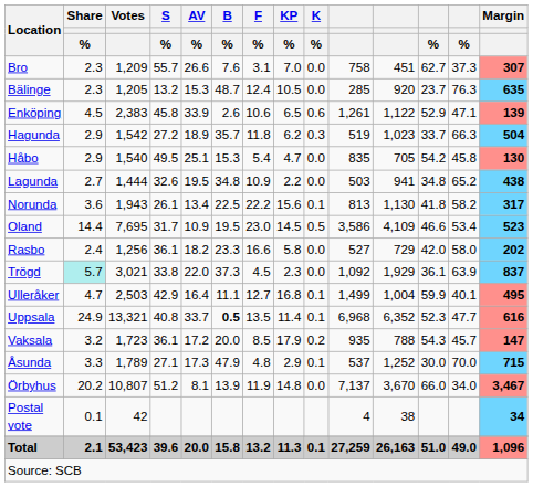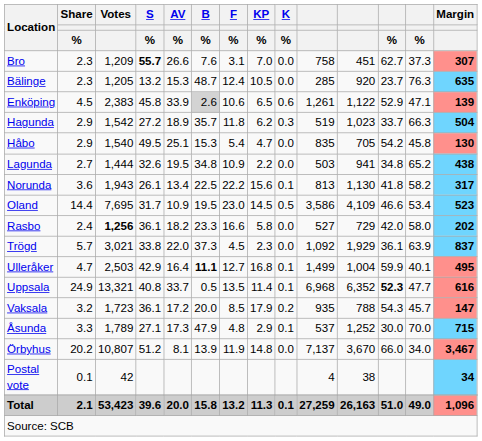 <table class="wikitable sortable" style="text-align:right; font-size:95%; line-height:20px;">
 <tr>
 <th rowspan="3">Location</th>
 <th>Share</th>
 <th>Votes</th>
 <th width="30px" class="unsortable"><a href='#'>S</a></th>
 <th width="30px" class="unsortable"><a href='#'>AV</a></th>
 <th width="30px" class="unsortable"><a href='#'>B</a></th>
 <th width="30px" class="unsortable"><a href='#'>F</a></th>
 <th width="30px" class="unsortable"><a href='#'>KP</a></th>
 <th width="30px" class="unsortable"><a href='#'>K</a></th>
 <th></th>
 <th></th>
 <th></th>
 <th></th>
 <th>Margin</th>
 </tr>
 <tr>
 <th></th>
 <th></th>
 <th style="background:"></th>
 <th style="background:"></th>
 <th style="background:"></th>
 <th style="background:"></th>
 <th style="background:"></th>
 <th style="background:"></th>
 <th style="background:"></th>
 <th style="background:"></th>
 <th style="background:"></th>
 <th style="background:"></th>
 <th></th>
 </tr>
 <tr>
 <th data-sort-type="number">%</th>
 <th></th>
 <th data-sort-type="number">%</th>
 <th data-sort-type="number">%</th>
 <th data-sort-type="number">%</th>
 <th data-sort-type="number">%</th>
 <th data-sort-type="number">%</th>
 <th data-sort-type="number">%</th>
 <th></th>
 <th></th>
 <th data-sort-type="number">%</th>
 <th data-sort-type="number">%</th>
 <th></th>
 </tr>
 <tr>
 <td align=left><a href='#'>Bro</a></td>
 <td>2.3</td>
 <td>1,209</td>
-<td>55.7</td>
+<td><strong>55.7</strong></td>
 <td>26.6</td>
 <td>7.6</td>
 <td>3.1</td>
 <td>7.0</td>
 <td>0.0</td>
 <td>758</td>
 <td>451</td>
 <td>62.7</td>
 <td>37.3</td>
 <td bgcolor=#ff908c><strong>307</strong></td>
 </tr>
 <tr>
 <td align=left><a href='#'>Bälinge</a></td>
 <td>2.3</td>
 <td>1,205</td>
 <td>13.2</td>
 <td>15.3</td>
 <td>48.7</td>
 <td>12.4</td>
 <td>10.5</td>
 <td>0.0</td>
 <td>285</td>
 <td>920</td>
 <td>23.7</td>
 <td>76.3</td>
 <td bgcolor=#6fd5fe><strong>635</strong></td>
 </tr>
 <tr>
 <td align=left><a href='#'>Enköping</a></td>
 <td>4.5</td>
 <td>2,383</td>
 <td>45.8</td>
 <td>33.9</td>
-<td>2.6</td>
+<td style="background: lightgrey;">2.6</td>
 <td>10.6</td>
 <td>6.5</td>
 <td>0.6</td>
 <td>1,261</td>
 <td>1,122</td>
 <td>52.9</td>
 <td>47.1</td>
 <td bgcolor=#ff908c><strong>139</strong></td>
 </tr>
 <tr>
 <td align=left><a href='#'>Hagunda</a></td>
 <td>2.9</td>
 <td>1,542</td>
 <td>27.2</td>
 <td>18.9</td>
 <td>35.7</td>
 <td>11.8</td>
 <td>6.2</td>
 <td>0.3</td>
 <td>519</td>
 <td>1,023</td>
 <td>33.7</td>
 <td>66.3</td>
 <td bgcolor=#6fd5fe><strong>504</strong></td>
 </tr>
 <tr>
 <td align=left><a href='#'>Håbo</a></td>
 <td>2.9</td>
 <td>1,540</td>
 <td>49.5</td>
 <td>25.1</td>
 <td>15.3</td>
 <td>5.4</td>
 <td>4.7</td>
 <td>0.0</td>
 <td>835</td>
 <td>705</td>
 <td>54.2</td>
 <td>45.8</td>
 <td bgcolor=#ff908c><strong>130</strong></td>
 </tr>
 <tr>
 <td align=left><a href='#'>Lagunda</a></td>
 <td>2.7</td>
 <td>1,444</td>
 <td>32.6</td>
 <td>19.5</td>
 <td>34.8</td>
 <td>10.9</td>
 <td>2.2</td>
 <td>0.0</td>
 <td>503</td>
 <td>941</td>
 <td>34.8</td>
 <td>65.2</td>
 <td bgcolor=#6fd5fe><strong>438</strong></td>
 </tr>
 <tr>
 <td align=left><a href='#'>Norunda</a></td>
 <td>3.6</td>
 <td>1,943</td>
 <td>26.1</td>
 <td>13.4</td>
 <td>22.5</td>
 <td>22.2</td>
 <td>15.6</td>
 <td>0.1</td>
 <td>813</td>
 <td>1,130</td>
 <td>41.8</td>
 <td>58.2</td>
 <td bgcolor=#6fd5fe><strong>317</strong></td>
 </tr>
 <tr>
 <td align=left><a href='#'>Oland</a></td>
 <td>14.4</td>
 <td>7,695</td>
 <td>31.7</td>
 <td>10.9</td>
 <td>19.5</td>
 <td>23.0</td>
 <td>14.5</td>
 <td>0.5</td>
 <td>3,586</td>
 <td>4,109</td>
 <td>46.6</td>
 <td>53.4</td>
 <td bgcolor=#6fd5fe><strong>523</strong></td>
 </tr>
 <tr>
 <td align=left><a href='#'>Rasbo</a></td>
 <td>2.4</td>
-<td>1,256</td>
+<td><strong>1,256</strong></td>
 <td>36.1</td>
 <td>18.2</td>
 <td>23.3</td>
 <td>16.6</td>
 <td>5.8</td>
 <td>0.0</td>
 <td>527</td>
 <td>729</td>
 <td>42.0</td>
 <td>58.0</td>
 <td bgcolor=#6fd5fe><strong>202</strong></td>
 </tr>
 <tr>
 <td align=left><a href='#'>Trögd</a></td>
-<td style="background: paleturquoise;">5.7</td>
+<td>5.7</td>
 <td>3,021</td>
 <td>33.8</td>
 <td>22.0</td>
 <td>37.3</td>
 <td>4.5</td>
 <td>2.3</td>
 <td>0.0</td>
 <td>1,092</td>
 <td>1,929</td>
 <td>36.1</td>
 <td>63.9</td>
 <td bgcolor=#6fd5fe><strong>837</strong></td>
 </tr>
 <tr>
 <td align=left><a href='#'>Ulleråker</a></td>
 <td>4.7</td>
 <td>2,503</td>
 <td>42.9</td>
 <td>16.4</td>
-<td>11.1</td>
+<td><strong>11.1</strong></td>
 <td>12.7</td>
 <td>16.8</td>
 <td>0.1</td>
 <td>1,499</td>
 <td>1,004</td>
 <td>59.9</td>
 <td>40.1</td>
 <td bgcolor=#ff908c><strong>495</strong></td>
 </tr>
 <tr>
 <td align=left><a href='#'>Uppsala</a></td>
 <td>24.9</td>
 <td>13,321</td>
 <td>40.8</td>
 <td>33.7</td>
-<td><strong>0.5</strong></td>
+<td>0.5</td>
 <td>13.5</td>
 <td>11.4</td>
 <td>0.1</td>
 <td>6,968</td>
 <td>6,352</td>
-<td>52.3</td>
+<td><strong>52.3</strong></td>
 <td>47.7</td>
 <td bgcolor=#ff908c><strong>616</strong></td>
 </tr>
 <tr>
 <td align=left><a href='#'>Vaksala</a></td>
 <td>3.2</td>
 <td>1,723</td>
 <td>36.1</td>
 <td>17.2</td>
 <td>20.0</td>
 <td>8.5</td>
 <td>17.9</td>
 <td>0.2</td>
 <td>935</td>
 <td>788</td>
 <td>54.3</td>
 <td>45.7</td>
 <td bgcolor=#ff908c><strong>147</strong></td>
 </tr>
 <tr>
 <td align=left><a href='#'>Åsunda</a></td>
 <td>3.3</td>
 <td>1,789</td>
 <td>27.1</td>
 <td>17.3</td>
 <td>47.9</td>
 <td>4.8</td>
 <td>2.9</td>
 <td>0.1</td>
 <td>537</td>
 <td>1,252</td>
 <td>30.0</td>
 <td>70.0</td>
 <td bgcolor=#6fd5fe><strong>715</strong></td>
 </tr>
 <tr>
 <td align=left><a href='#'>Örbyhus</a></td>
 <td>20.2</td>
 <td>10,807</td>
 <td>51.2</td>
 <td>8.1</td>
 <td>13.9</td>
 <td>11.9</td>
 <td>14.8</td>
 <td>0.0</td>
 <td>7,137</td>
 <td>3,670</td>
 <td>66.0</td>
 <td>34.0</td>
 <td bgcolor=#ff908c><strong>3,467</strong></td>
 </tr>
 <tr>
 <td align=left><a href='#'>Postal vote</a></td>
 <td>0.1</td>
 <td>42</td>
 <td></td>
 <td></td>
 <td></td>
 <td></td>
 <td></td>
 <td></td>
 <td>4</td>
 <td>38</td>
 <td></td>
 <td></td>
 <td bgcolor=#6fd5fe><strong>34</strong></td>
 </tr>
 <tr>
 </tr>
 <tr style="background:#CDCDCD;">
 <td align=left><strong>Total</strong></td>
 <td><strong>2.1</strong></td>
 <td><strong>53,423</strong></td>
 <td><strong>39.6</strong></td>
 <td><strong>20.0</strong></td>
 <td><strong>15.8</strong></td>
 <td><strong>13.2</strong></td>
 <td><strong>11.3</strong></td>
 <td><strong>0.1</strong></td>
 <td><strong>27,259</strong></td>
 <td><strong>26,163</strong></td>
 <td><strong>51.0</strong></td>
 <td><strong>49.0</strong></td>
 <td bgcolor=#ff908c><strong>1,096</strong></td>
 </tr>
 <tr>
 <td align=left colspan=14>Source: SCB </td>
 </tr>
 </table>
